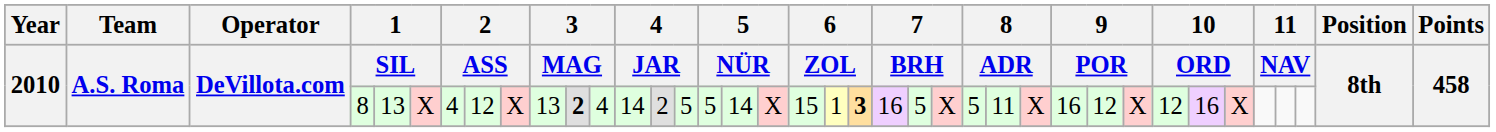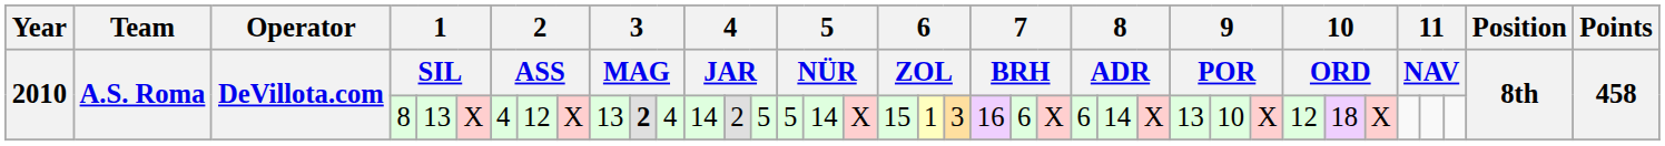 <table class="wikitable" style="text-align:center; font-size:85%">
 <tr>
 <th>Year</th>
 <th>Team</th>
 <th>Operator</th>
 <th colspan=3>1</th>
 <th colspan=3>2</th>
 <th colspan=3>3</th>
 <th colspan=3>4</th>
 <th colspan=3>5</th>
 <th colspan=3>6</th>
 <th colspan=3>7</th>
 <th colspan=3>8</th>
 <th colspan=3>9</th>
 <th colspan=3>10</th>
 <th colspan=3>11</th>
 <th>Position</th>
 <th>Points</th>
 </tr>
 <tr>
 <th rowspan=2>2010</th>
 <th rowspan=2 nowrap><a href='#'>A.S. Roma</a></th>
 <th rowspan=2 nowrap><a href='#'>DeVillota.com</a></th>
 <th colspan=3><a href='#'>SIL</a><br></th>
 <th colspan=3><a href='#'>ASS</a><br></th>
 <th colspan=3><a href='#'>MAG</a><br></th>
 <th colspan=3><a href='#'>JAR</a><br></th>
 <th colspan=3><a href='#'>NÜR</a><br></th>
 <th colspan=3><a href='#'>ZOL</a><br></th>
 <th colspan=3><a href='#'>BRH</a><br></th>
 <th colspan=3><a href='#'>ADR</a><br></th>
 <th colspan=3><a href='#'>POR</a><br></th>
 <th colspan=3><a href='#'>ORD</a><br></th>
 <th colspan=3><a href='#'>NAV</a><br></th>
 <th rowspan=2>8th</th>
 <th rowspan=2>458</th>
 </tr>
 <tr>
 <td style="background:#DFFFDF;">8</td>
 <td style="background:#DFFFDF;">13</td>
 <td style="background:#FFCFCF;">X</td>
 <td style="background:#DFFFDF;">4</td>
 <td style="background:#DFFFDF;">12</td>
 <td style="background:#FFCFCF;">X</td>
 <td style="background:#DFFFDF;">13</td>
 <td style="background:#DFDFDF;"><strong>2</strong></td>
 <td style="background:#DFFFDF;">4</td>
 <td style="background:#DFFFDF;">14</td>
 <td style="background:#DFDFDF;">2</td>
 <td style="background:#DFFFDF;">5</td>
 <td style="background:#DFFFDF;">5</td>
 <td style="background:#DFFFDF;">14</td>
 <td style="background:#FFCFCF;">X</td>
 <td style="background:#DFFFDF;">15</td>
 <td style="background:#FFFFBF;">1</td>
-<td style="background:#FFDF9F;"><strong>3</strong></td>
+<td style="background:#FFDF9F;">3</td>
 <td style="background:#EFCFFF;">16</td>
-<td style="background:#DFFFDF;">5</td>
+<td style="background:#DFFFDF;">6</td>
 <td style="background:#FFCFCF;">X</td>
-<td style="background:#DFFFDF;">5</td>
-<td style="background:#DFFFDF;">11</td>
+<td style="background:#DFFFDF;">6</td>
+<td style="background:#DFFFDF;">14</td>
 <td style="background:#FFCFCF;">X</td>
-<td style="background:#DFFFDF;">16</td>
-<td style="background:#DFFFDF;">12</td>
+<td style="background:#DFFFDF;">13</td>
+<td style="background:#DFFFDF;">10</td>
 <td style="background:#FFCFCF;">X</td>
 <td style="background:#DFFFDF;">12</td>
-<td style="background:#EFCFFF;">16</td>
+<td style="background:#EFCFFF;">18</td>
 <td style="background:#FFCFCF;">X</td>
 <td></td>
 <td></td>
 <td></td>
 </tr>
 </table>
